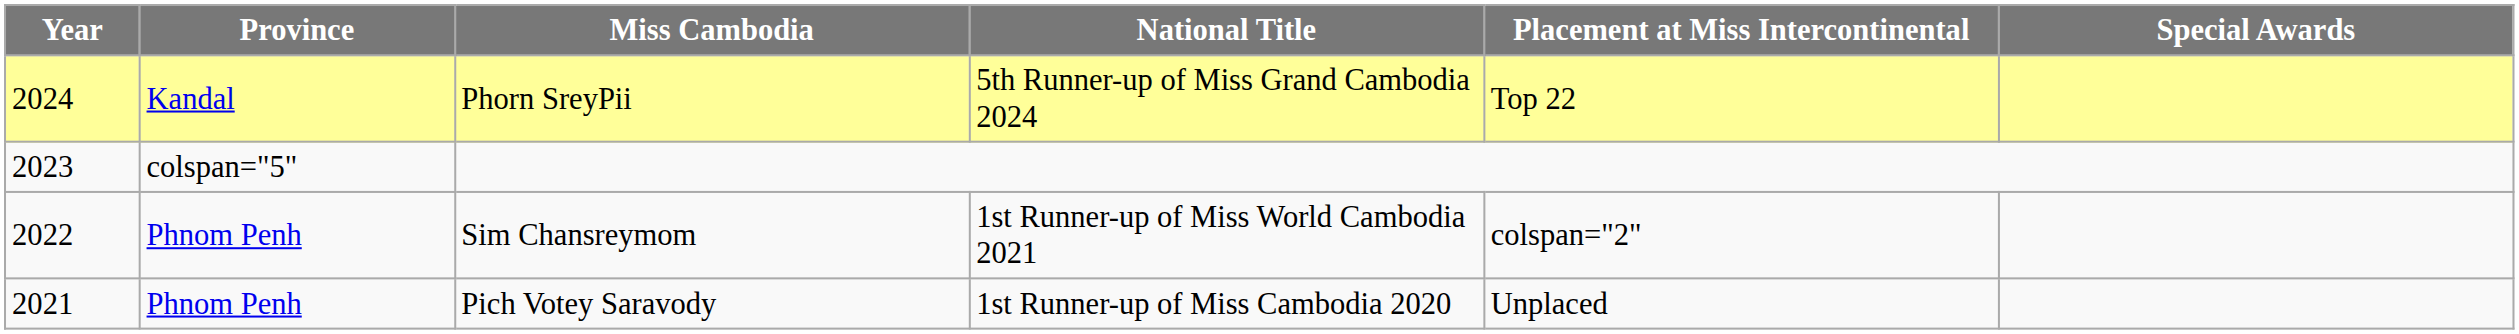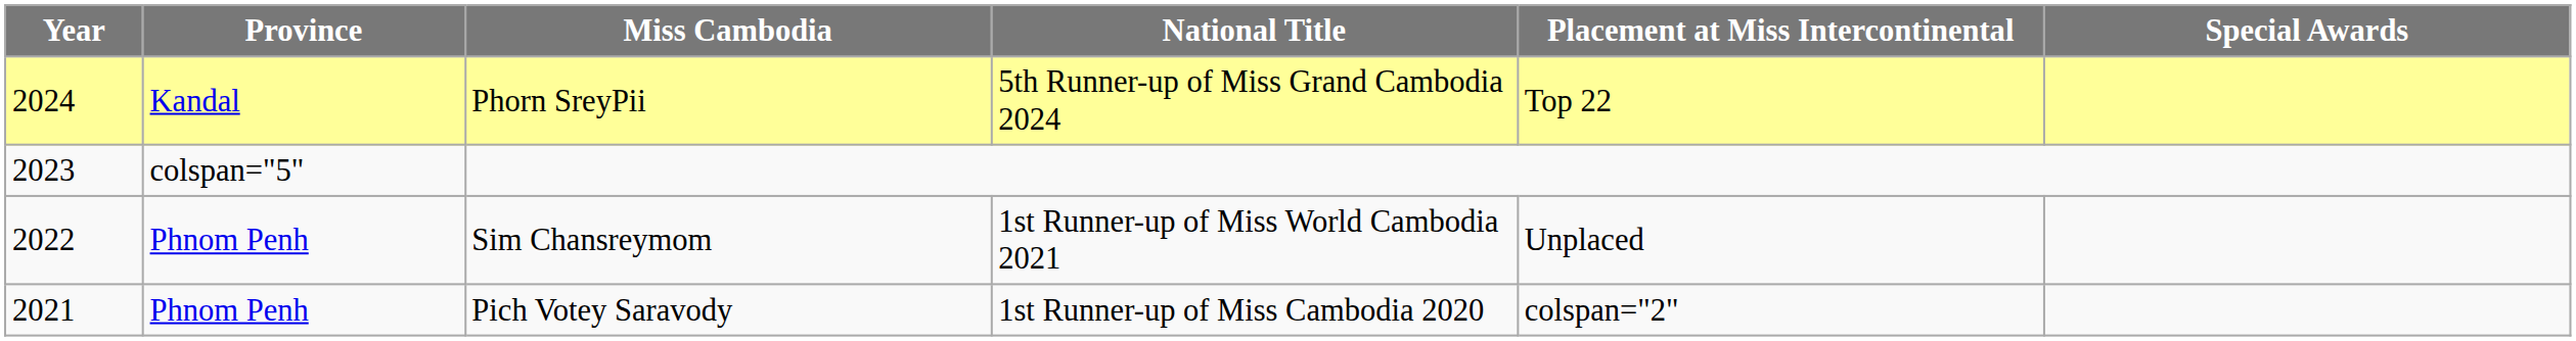 <table class="wikitable " style="font-size: 95%;">
 <tr>
 <th width="60" style="background-color:#787878;color:#FFFFFF;">Year</th>
 <th width="150" style="background-color:#787878;color:#FFFFFF;">Province</th>
 <th width="250" style="background-color:#787878;color:#FFFFFF;">Miss Cambodia</th>
 <th width="250" style="background-color:#787878;color:#FFFFFF;">National Title</th>
 <th width="250" style="background-color:#787878;color:#FFFFFF;">Placement at Miss Intercontinental</th>
 <th width="250" style="background-color:#787878;color:#FFFFFF;">Special Awards</th>
 </tr>
 <tr style="background-color:#FFFF99;">
 <td>2024</td>
 <td><a href='#'>Kandal</a></td>
 <td>Phorn SreyPii</td>
 <td>5th Runner-up of Miss Grand Cambodia 2024</td>
 <td>Top 22</td>
 <td></td>
 </tr>
 <tr>
 <td>2023</td>
 <td>colspan="5" </td>
 </tr>
 <tr>
 <td>2022</td>
 <td><a href='#'>Phnom Penh</a></td>
 <td>Sim Chansreymom</td>
 <td>1st Runner-up of Miss World Cambodia 2021</td>
-<td>colspan="2" </td>
+<td>Unplaced</td>
 <td></td>
 </tr>
 <tr>
 <td>2021</td>
 <td><a href='#'>Phnom Penh</a></td>
 <td>Pich Votey Saravody</td>
 <td>1st Runner-up of Miss Cambodia 2020</td>
-<td>Unplaced</td>
+<td>colspan="2" </td>
 </tr>
 </table>
